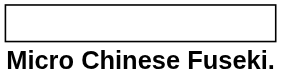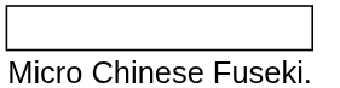 <table style="margin:1em;">
 <tr>
 <td style="border: solid thin; padding: 2px;"><br></td>
 </tr>
 <tr>
-<td style="text-align:center"><strong>Micro Chinese Fuseki.</strong></td>
+<td style="text-align:center">Micro Chinese Fuseki.</td>
 </tr>
 </table>
